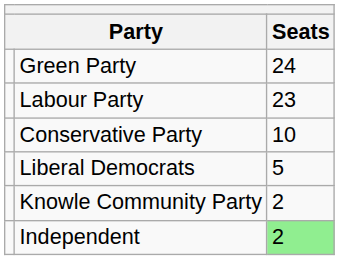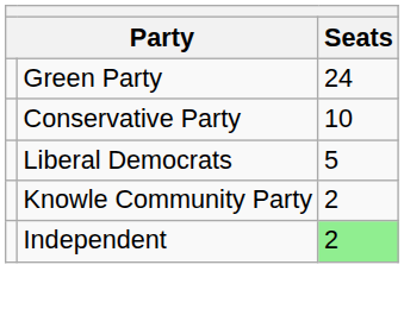 <table class="wikitable">
 <tr>
 <th colspan="3"></th>
 </tr>
 <tr>
 <th colspan="2">Party</th>
 <th>Seats</th>
 </tr>
 <tr>
 <td style="color:inherit;background:"></td>
 <td>Green Party</td>
 <td>24</td>
-</tr>
-<tr>
-<td style="color:inherit;background:"></td>
-<td>Labour Party</td>
-<td>23</td>
 </tr>
 <tr>
 <td style="color:inherit;background:"></td>
 <td>Conservative Party</td>
 <td>10</td>
 </tr>
 <tr>
 <td style="color:inherit;background:"></td>
 <td>Liberal Democrats</td>
 <td>5</td>
 </tr>
 <tr>
 <td style="color:inherit;background:"></td>
 <td>Knowle Community Party</td>
 <td>2</td>
 </tr>
 <tr>
 <td style="color:inherit;background:"></td>
 <td>Independent</td>
 <td style="background: lightgreen;">2</td>
 </tr>
 </table>
